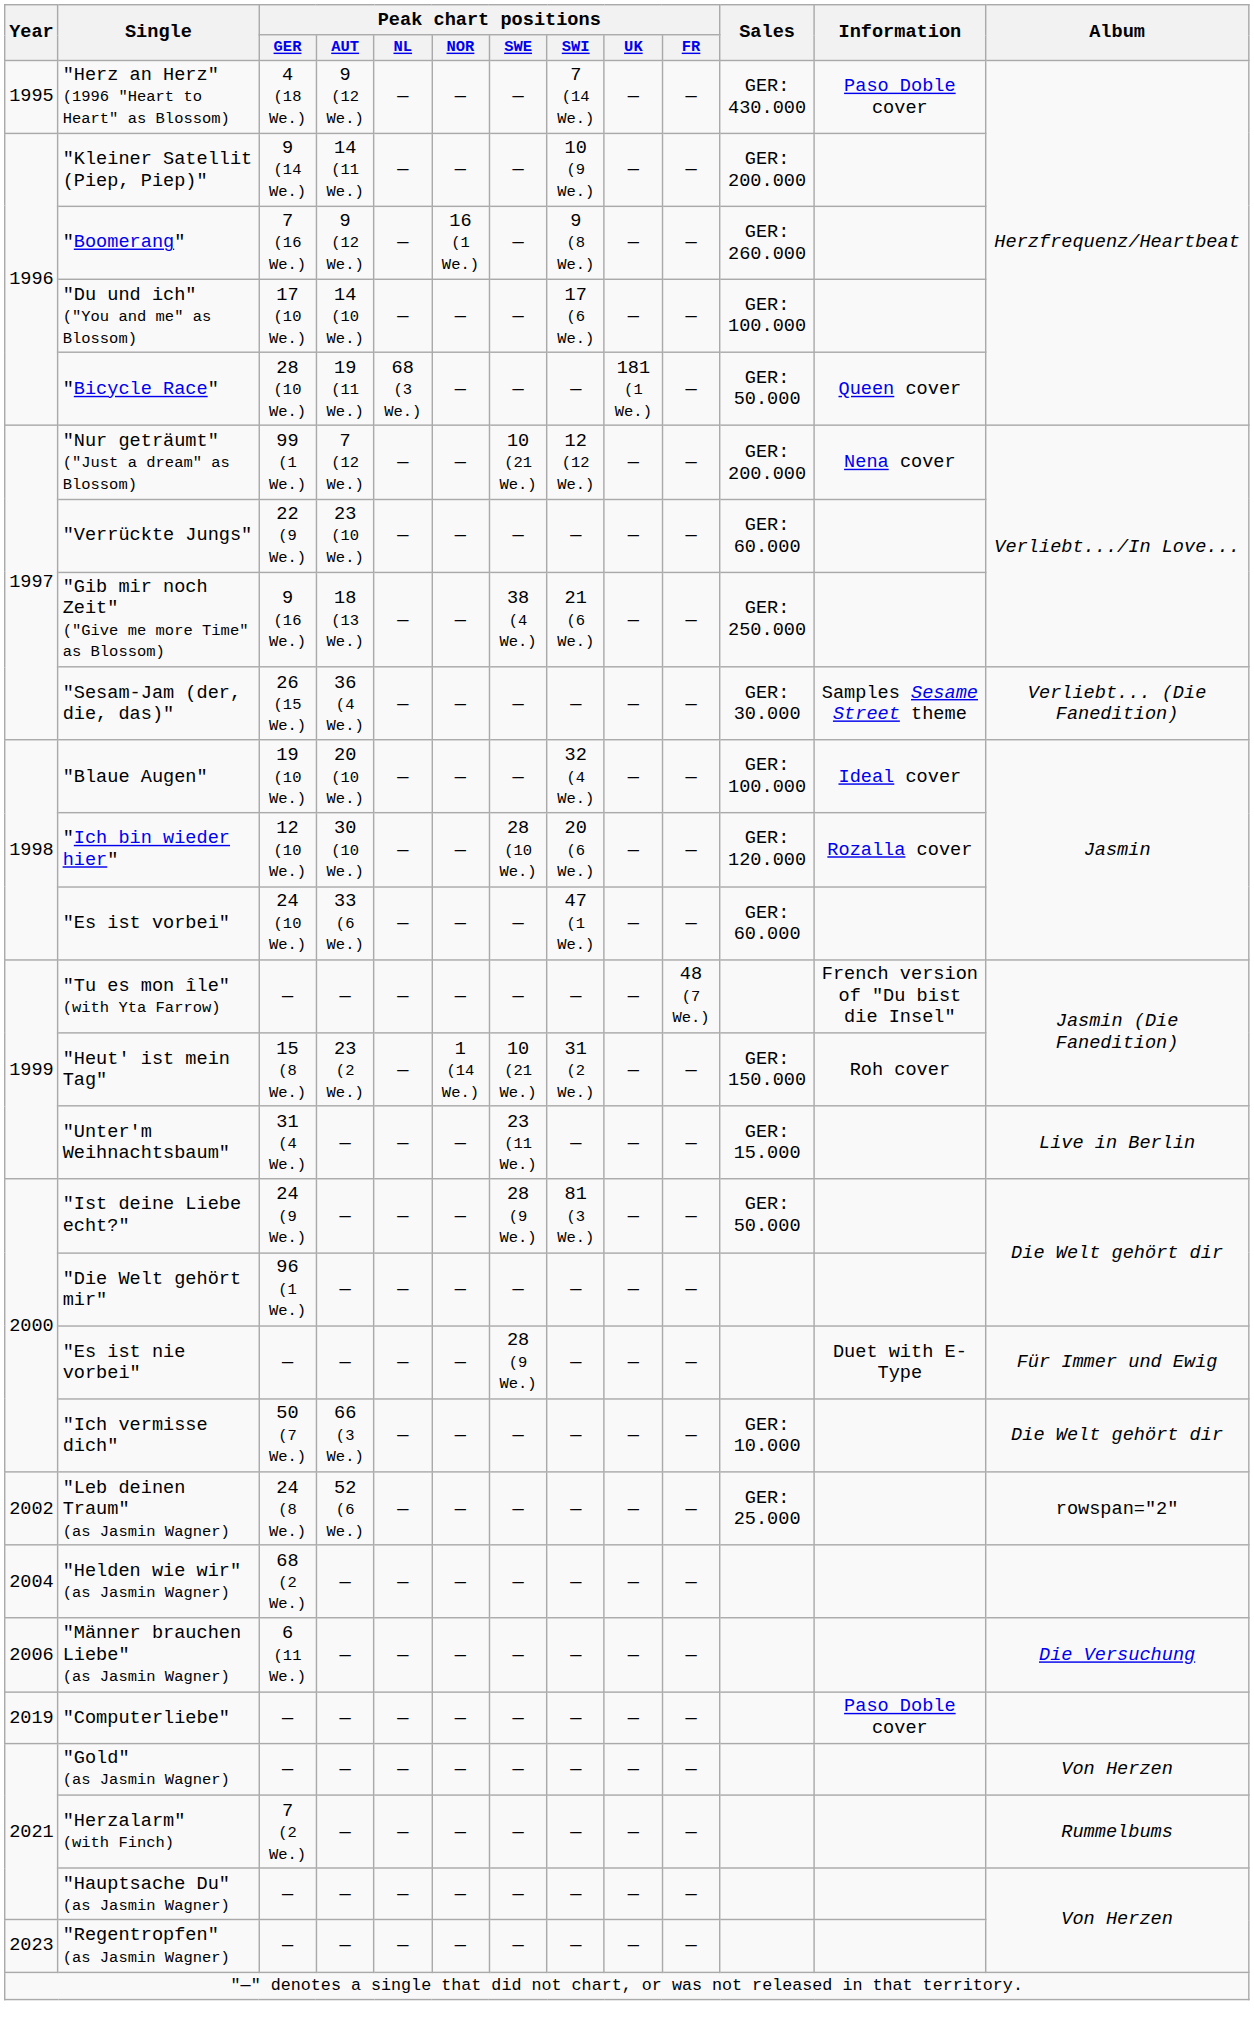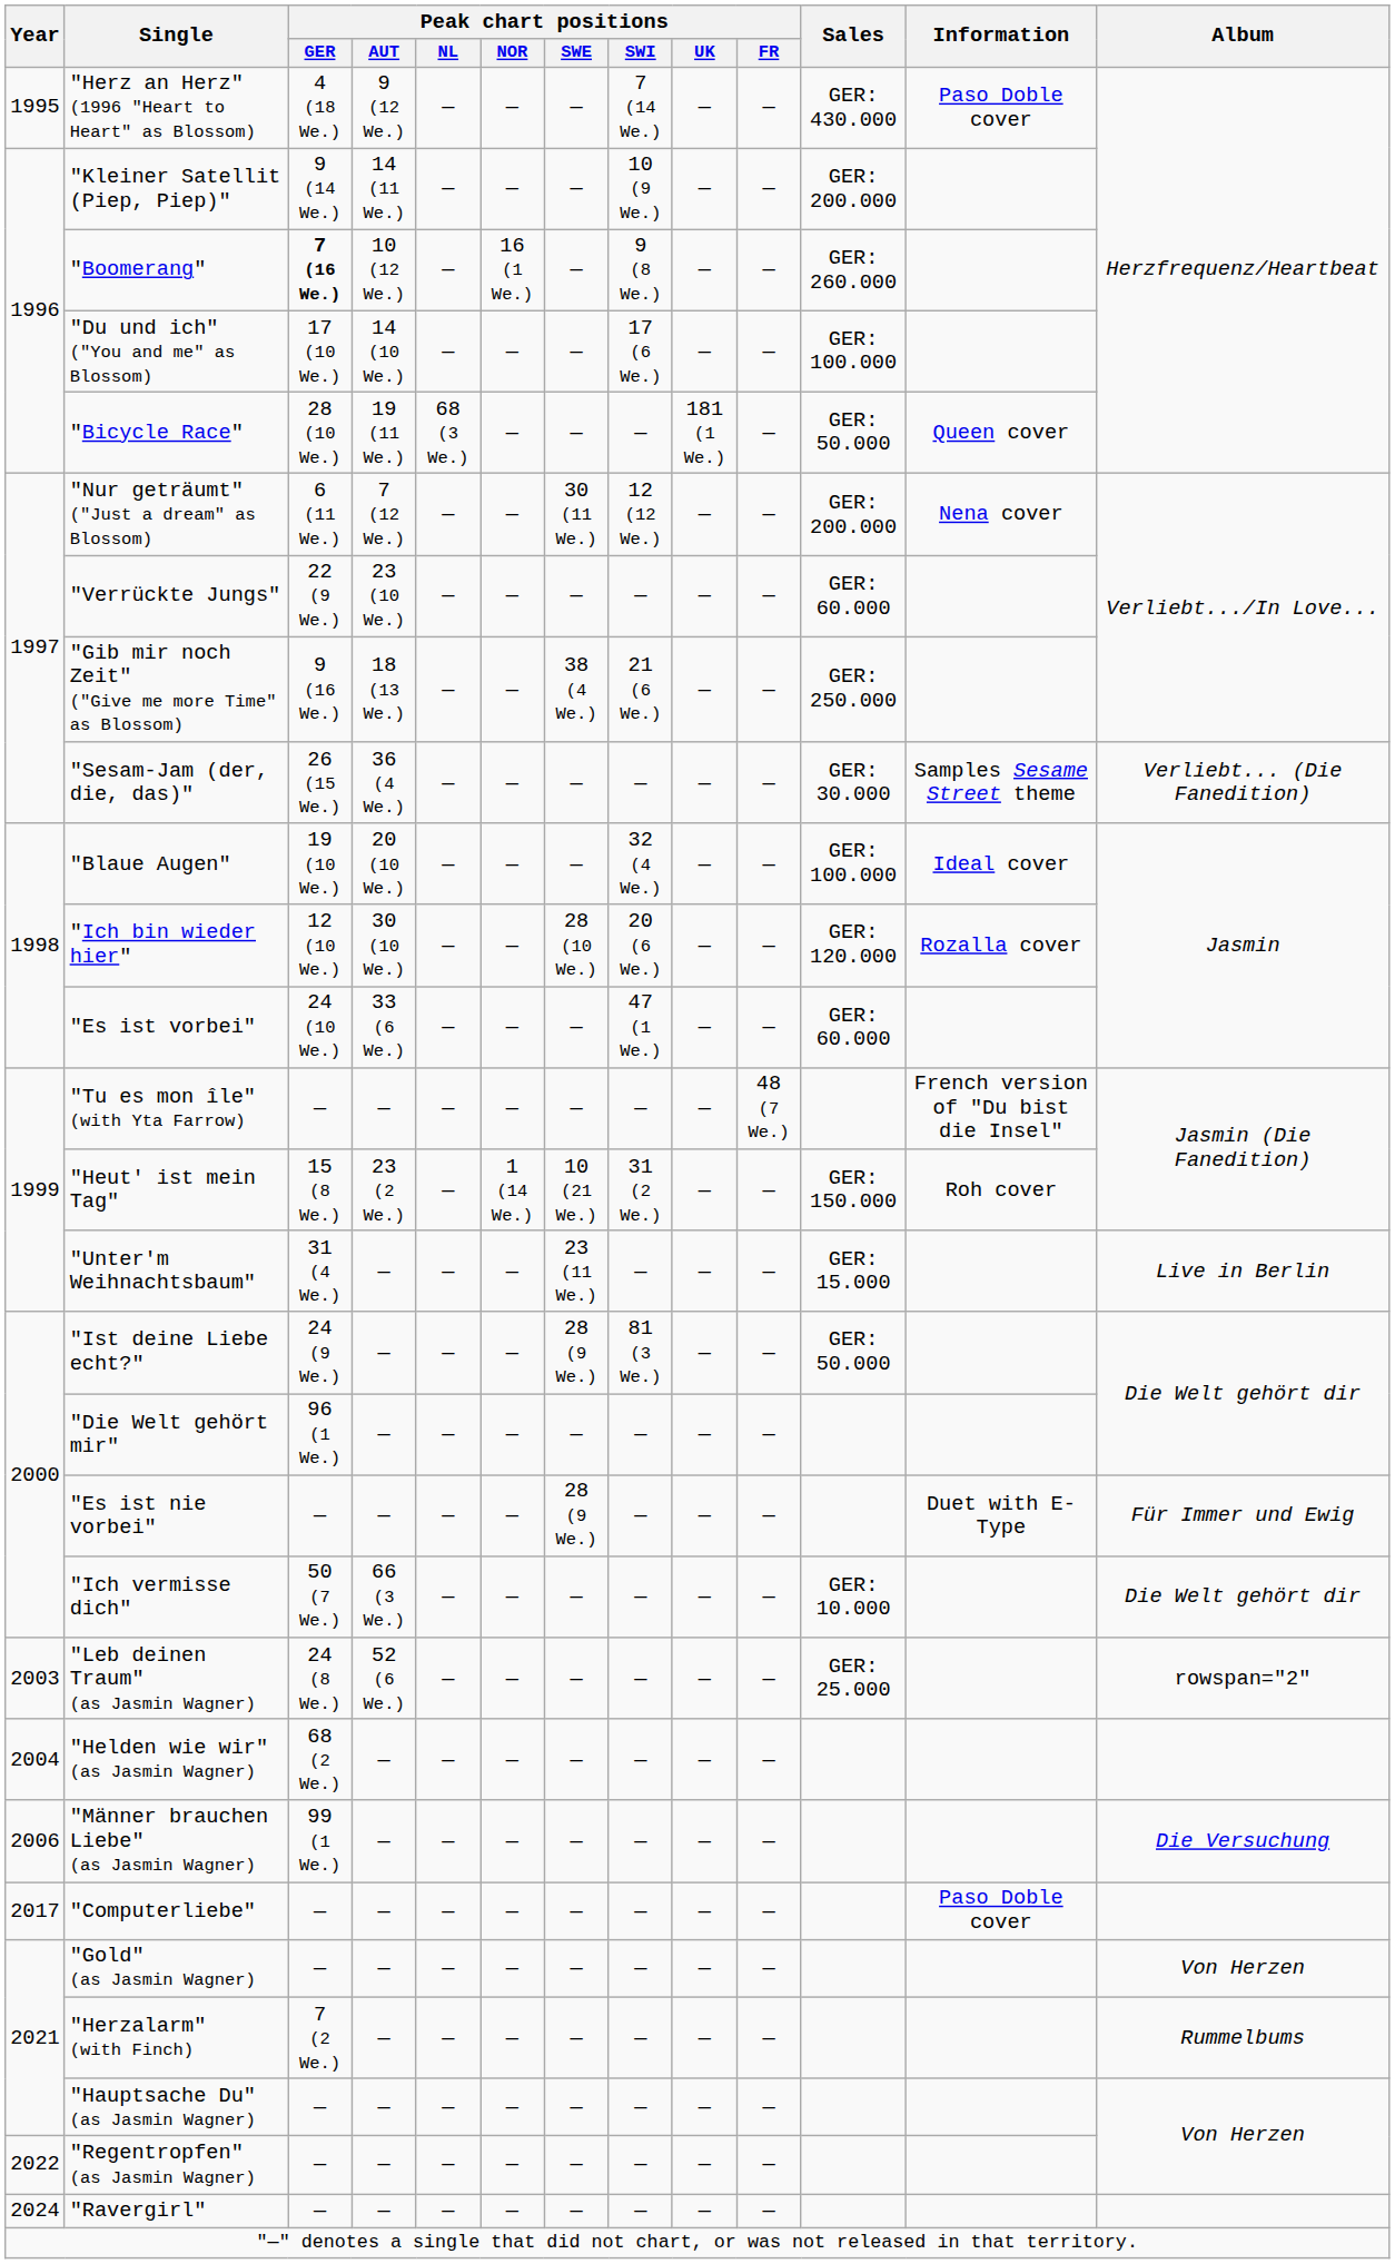 <table class="wikitable" style="text-align:center;">
 <tr>
 <th rowspan="2">Year</th>
 <th rowspan="2">Single</th>
 <th colspan="8">Peak chart positions</th>
 <th rowspan="2">Sales</th>
 <th rowspan="2">Information</th>
 <th rowspan="2">Album</th>
 </tr>
 <tr style="font-size:smaller;">
 <th width="35"><a href='#'>GER</a><br></th>
 <th width="35"><a href='#'>AUT</a><br></th>
 <th width="35"><a href='#'>NL</a><br></th>
 <th width="35"><a href='#'>NOR</a><br></th>
 <th width="35"><a href='#'>SWE</a><br></th>
 <th width="35"><a href='#'>SWI</a><br></th>
 <th width="35"><a href='#'>UK</a><br></th>
 <th width="35"><a href='#'>FR</a><br></th>
 </tr>
 <tr>
 <td>1995</td>
 <td style="text-align:left;">"Herz an Herz"<br><small>(1996 "Heart to Heart" as Blossom)</small></td>
 <td>4<br><small>(18 We.)</small></td>
 <td>9<br><small>(12 We.)</small></td>
 <td>—</td>
 <td>—</td>
 <td>—</td>
 <td>7<br><small>(14 We.)</small></td>
 <td>—</td>
 <td>—</td>
 <td>GER: 430.000<br></td>
 <td><a href='#'>Paso Doble</a> cover</td>
 <td rowspan="5"><em>Herzfrequenz/Heartbeat</em></td>
 </tr>
 <tr>
 <td rowspan="4">1996</td>
 <td style="text-align:left;">"Kleiner Satellit (Piep, Piep)"</td>
 <td>9<br><small>(14 We.)</small></td>
 <td>14<br><small>(11 We.)</small></td>
 <td>—</td>
 <td>—</td>
 <td>—</td>
 <td>10<br><small>(9 We.)</small></td>
 <td>—</td>
 <td>—</td>
 <td>GER: 200.000</td>
 <td></td>
 </tr>
 <tr>
 <td style="text-align:left;">"<a href='#'>Boomerang</a>"</td>
-<td>7<br><small>(16 We.)</small></td>
-<td>9<br><small>(12 We.)</small></td>
+<td><strong>7<br><small>(16 We.)</small></strong></td>
+<td>10<br><small>(12 We.)</small></td>
 <td>—</td>
 <td>16<br><small>(1 We.)</small></td>
 <td>—</td>
 <td>9<br><small>(8 We.)</small></td>
 <td>—</td>
 <td>—</td>
 <td>GER: 260.000</td>
 <td></td>
 </tr>
 <tr>
 <td style="text-align:left;">"Du und ich"<br><small>("You and me" as Blossom)</small></td>
 <td>17<br><small>(10 We.)</small></td>
 <td>14<br><small>(10 We.)</small></td>
 <td>—</td>
 <td>—</td>
 <td>—</td>
 <td>17<br><small>(6 We.)</small></td>
 <td>—</td>
 <td>—</td>
 <td>GER: 100.000</td>
 <td></td>
 </tr>
 <tr>
 <td style="text-align:left;">"<a href='#'>Bicycle Race</a>"</td>
 <td>28<br><small>(10 We.)</small></td>
 <td>19<br><small>(11 We.)</small></td>
 <td>68<br><small>(3 We.)</small></td>
 <td>—</td>
 <td>—</td>
 <td>—</td>
 <td>181<br><small>(1 We.)</small></td>
 <td>—</td>
 <td>GER: 50.000</td>
 <td><a href='#'>Queen</a> cover </td>
 </tr>
 <tr>
 <td rowspan="4">1997</td>
 <td style="text-align:left;">"Nur geträumt"<br><small>("Just a dream" as Blossom)</small></td>
-<td>99<br><small>(1 We.)</small></td>
+<td>6<br><small>(11 We.)</small></td>
 <td>7<br><small>(12 We.)</small></td>
 <td>—</td>
 <td>—</td>
-<td>10<br><small>(21 We.)</small></td>
+<td>30<br><small>(11 We.)</small></td>
 <td>12<br><small>(12 We.)</small></td>
 <td>—</td>
 <td>—</td>
 <td>GER: 200.000</td>
 <td><a href='#'>Nena</a> cover</td>
 <td rowspan="3"><em>Verliebt.../In Love...</em></td>
 </tr>
 <tr>
 <td style="text-align:left;">"Verrückte Jungs"</td>
 <td>22<br><small>(9 We.)</small></td>
 <td>23<br><small>(10 We.)</small></td>
 <td>—</td>
 <td>—</td>
 <td>—</td>
 <td>—</td>
 <td>—</td>
 <td>—</td>
 <td>GER: 60.000</td>
 <td></td>
 </tr>
 <tr>
 <td style="text-align:left;">"Gib mir noch Zeit"<br><small>("Give me more Time" as Blossom)</small></td>
 <td>9<br><small>(16 We.)</small></td>
 <td>18<br><small>(13 We.)</small></td>
 <td>—</td>
 <td>—</td>
 <td>38<br><small>(4 We.)</small></td>
 <td>21<br><small>(6 We.)</small></td>
 <td>—</td>
 <td>—</td>
 <td>GER: 250.000</td>
 <td></td>
 </tr>
 <tr>
 <td style="text-align:left;">"Sesam-Jam (der, die, das)"</td>
 <td>26<br><small>(15 We.)</small></td>
 <td>36<br><small>(4 We.)</small></td>
 <td>—</td>
 <td>—</td>
 <td>—</td>
 <td>—</td>
 <td>—</td>
 <td>—</td>
 <td>GER: 30.000</td>
 <td>Samples <em><a href='#'>Sesame Street</a></em> theme</td>
 <td rowspan="1"><em>Verliebt... (Die Fanedition)</em></td>
 </tr>
 <tr>
 <td rowspan="3">1998</td>
 <td style="text-align:left;">"Blaue Augen"</td>
 <td>19<br><small>(10 We.)</small></td>
 <td>20<br><small>(10 We.)</small></td>
 <td>—</td>
 <td>—</td>
 <td>—</td>
 <td>32<br><small>(4 We.)</small></td>
 <td>—</td>
 <td>—</td>
 <td>GER: 100.000</td>
 <td><a href='#'>Ideal</a> cover</td>
 <td rowspan="3"><em>Jasmin</em></td>
 </tr>
 <tr>
 <td style="text-align:left;">"<a href='#'>Ich bin wieder hier</a>"</td>
 <td>12<br><small>(10 We.)</small></td>
 <td>30<br><small>(10 We.)</small></td>
 <td>—</td>
 <td>—</td>
 <td>28<br><small>(10 We.)</small></td>
 <td>20<br><small>(6 We.)</small></td>
 <td>—</td>
 <td>—</td>
 <td>GER: 120.000</td>
 <td><a href='#'>Rozalla</a> cover</td>
 </tr>
 <tr>
 <td style="text-align:left;">"Es ist vorbei"</td>
 <td>24<br><small>(10 We.)</small></td>
 <td>33<br><small>(6 We.)</small></td>
 <td>—</td>
 <td>—</td>
 <td>—</td>
 <td>47<br><small>(1 We.)</small></td>
 <td>—</td>
 <td>—</td>
 <td>GER: 60.000</td>
 </tr>
 <tr>
 <td rowspan="3">1999</td>
 <td style="text-align:left;">"Tu es mon île"<br><small>(with Yta Farrow)</small></td>
 <td>—</td>
 <td>—</td>
 <td>—</td>
 <td>—</td>
 <td>—</td>
 <td>—</td>
 <td>—</td>
 <td>48<br><small>(7 We.)</small></td>
 <td></td>
 <td>French version of "Du bist die Insel"</td>
 <td rowspan="2"><em>Jasmin (Die Fanedition)</em></td>
 </tr>
 <tr>
 <td style="text-align:left;">"Heut' ist mein Tag"</td>
 <td>15<br><small>(8 We.)</small></td>
 <td>23<br><small>(2 We.)</small></td>
 <td>—</td>
 <td>1<br><small>(14 We.)</small></td>
 <td>10<br><small>(21 We.)</small></td>
 <td>31<br><small>(2 We.)</small></td>
 <td>—</td>
 <td>—</td>
 <td>GER: 150.000<br></td>
 <td>Roh cover</td>
 </tr>
 <tr>
 <td style="text-align:left;">"Unter'm Weihnachtsbaum"</td>
 <td>31<br><small>(4 We.)</small></td>
 <td>—</td>
 <td>—</td>
 <td>—</td>
 <td>23<br><small>(11 We.)</small></td>
 <td>—</td>
 <td>—</td>
 <td>—</td>
 <td>GER: 15.000</td>
 <td></td>
 <td><em>Live in Berlin</em></td>
 </tr>
 <tr>
 <td rowspan="4">2000</td>
 <td style="text-align:left;">"Ist deine Liebe echt?"</td>
 <td>24<br><small>(9 We.)</small></td>
 <td>—</td>
 <td>—</td>
 <td>—</td>
 <td>28<br><small>(9 We.)</small></td>
 <td>81<br><small>(3 We.)</small></td>
 <td>—</td>
 <td>—</td>
 <td>GER: 50.000</td>
 <td></td>
 <td rowspan="2"><em>Die Welt gehört dir</em></td>
 </tr>
 <tr>
 <td style="text-align:left;">"Die Welt gehört mir"</td>
 <td>96<br><small>(1 We.)</small></td>
 <td>—</td>
 <td>—</td>
 <td>—</td>
 <td>—</td>
 <td>—</td>
 <td>—</td>
 <td>—</td>
 <td></td>
 <td></td>
 </tr>
 <tr>
 <td style="text-align:left;">"Es ist nie vorbei"</td>
 <td>—</td>
 <td>—</td>
 <td>—</td>
 <td>—</td>
 <td>28<br><small>(9 We.)</small></td>
 <td>—</td>
 <td>—</td>
 <td>—</td>
 <td></td>
 <td>Duet with E-Type</td>
 <td rowspan="1"><em>Für Immer und Ewig</em></td>
 </tr>
 <tr>
 <td style="text-align:left;">"Ich vermisse dich"</td>
 <td>50<br><small>(7 We.)</small></td>
 <td>66<br><small>(3 We.)</small></td>
 <td>—</td>
 <td>—</td>
 <td>—</td>
 <td>—</td>
 <td>—</td>
 <td>—</td>
 <td>GER: 10.000</td>
 <td></td>
 <td rowspan="1"><em>Die Welt gehört dir</em></td>
 </tr>
 <tr>
-<td>2002</td>
+<td>2003</td>
 <td style="text-align:left;">"Leb deinen Traum"<br><small>(as Jasmin Wagner)</small></td>
 <td>24<br><small>(8 We.)</small></td>
 <td>52<br><small>(6 We.)</small></td>
 <td>—</td>
 <td>—</td>
 <td>—</td>
 <td>—</td>
 <td>—</td>
 <td>—</td>
 <td>GER: 25.000</td>
 <td></td>
 <td>rowspan="2" </td>
 </tr>
 <tr>
 <td>2004</td>
 <td style="text-align:left;">"Helden wie wir"<br><small>(as Jasmin Wagner)</small></td>
 <td>68<br><small>(2 We.)</small></td>
 <td>—</td>
 <td>—</td>
 <td>—</td>
 <td>—</td>
 <td>—</td>
 <td>—</td>
 <td>—</td>
 <td></td>
 <td></td>
 </tr>
 <tr>
 <td>2006</td>
 <td style="text-align:left;">"Männer brauchen Liebe"<br><small>(as Jasmin Wagner)</small></td>
-<td>6<br><small>(11 We.)</small></td>
+<td>99<br><small>(1 We.)</small></td>
 <td>—</td>
 <td>—</td>
 <td>—</td>
 <td>—</td>
 <td>—</td>
 <td>—</td>
 <td>—</td>
 <td></td>
 <td></td>
 <td><em><a href='#'>Die Versuchung</a></em></td>
 </tr>
 <tr>
-<td>2019</td>
+<td>2017</td>
 <td style="text-align:left;">"Computerliebe"</td>
 <td>—</td>
 <td>—</td>
 <td>—</td>
 <td>—</td>
 <td>—</td>
 <td>—</td>
 <td>—</td>
 <td>—</td>
 <td></td>
 <td><a href='#'>Paso Doble</a> cover</td>
 <td></td>
 </tr>
 <tr>
 <td rowspan="3">2021</td>
 <td style="text-align:left;">"Gold"<br><small>(as Jasmin Wagner)</small></td>
 <td>—</td>
 <td>—</td>
 <td>—</td>
 <td>—</td>
 <td>—</td>
 <td>—</td>
 <td>—</td>
 <td>—</td>
 <td></td>
 <td></td>
 <td><em>Von Herzen</em></td>
 </tr>
 <tr>
 <td style="text-align:left;">"Herzalarm"<br><small>(with Finch)</small></td>
 <td>7<br><small>(2 We.)</small></td>
 <td>—</td>
 <td>—</td>
 <td>—</td>
 <td>—</td>
 <td>—</td>
 <td>—</td>
 <td>—</td>
 <td></td>
 <td></td>
 <td><em>Rummelbums</em></td>
 </tr>
 <tr>
 <td style="text-align:left;">"Hauptsache Du"<br><small>(as Jasmin Wagner)</small></td>
 <td>—</td>
 <td>—</td>
 <td>—</td>
 <td>—</td>
 <td>—</td>
 <td>—</td>
 <td>—</td>
 <td>—</td>
 <td></td>
 <td></td>
 <td rowspan="2"><em>Von Herzen</em></td>
 </tr>
 <tr>
-<td rowspan="1">2023</td>
+<td rowspan="1">2022</td>
 <td style="text-align:left;">"Regentropfen"<br><small>(as Jasmin Wagner)</small></td>
 <td>—</td>
 <td>—</td>
 <td>—</td>
 <td>—</td>
 <td>—</td>
 <td>—</td>
 <td>—</td>
 <td>—</td>
 <td></td>
 <td></td>
 </tr>
 <tr>
+<td rowspan="1">2024</td>
+<td style="text-align:left;">"Ravergirl"</td>
+<td>—</td>
+<td>—</td>
+<td>—</td>
+<td>—</td>
+<td>—</td>
+<td>—</td>
+<td>—</td>
+<td>—</td>
+<td></td>
+<td></td>
+<td></td>
+</tr>
+<tr>
 <td colspan="13" style="font-size:90%">"—" denotes a single that did not chart, or was not released in that territory.</td>
 </tr>
 </table>
